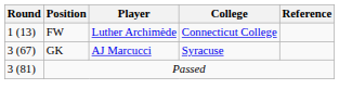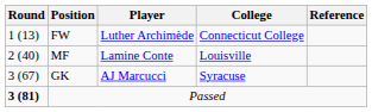 <table class="wikitable">
 <tr>
 <th>Round</th>
 <th>Position</th>
 <th>Player</th>
 <th>College</th>
 <th>Reference</th>
 </tr>
 <tr>
 <td>1 (13)</td>
 <td>FW</td>
 <td> <a href='#'>Luther Archimède</a></td>
 <td><a href='#'>Connecticut College</a></td>
 <td></td>
 </tr>
 <tr>
+<td>2 (40)</td>
+<td>MF</td>
+<td> <a href='#'>Lamine Conte</a></td>
+<td><a href='#'>Louisville</a></td>
+<td></td>
+</tr>
+<tr>
 <td>3 (67)</td>
 <td>GK</td>
 <td> <a href='#'>AJ Marcucci</a></td>
 <td><a href='#'>Syracuse</a></td>
 <td></td>
 </tr>
 <tr>
-<td>3 (81)</td>
+<td><strong>3 (81)</strong></td>
 <td colspan="4" style="text-align:center;"><em>Passed</em></td>
 </tr>
 </table>
